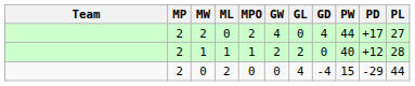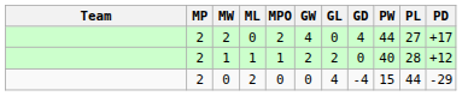 <table class=wikitable style="text-align:center">
 <tr>
 <th width=175>Team</th>
 <th width=20>MP</th>
 <th width=20>MW</th>
 <th width=20>ML</th>
 <th width=20>MPO</th>
 <th width=20>GW</th>
 <th width=20>GL</th>
 <th width=20>GD</th>
 <th width=20>PW</th>
+<th width=20>PL</th>
 <th width=20>PD</th>
-<th width=20>PL</th>
 </tr>
 <tr bgcolor="#ccffcc">
 <td align=left><strong><br></strong></td>
 <td>2</td>
 <td>2</td>
 <td>0</td>
 <td>2</td>
 <td>4</td>
 <td>0</td>
 <td>4</td>
 <td>44</td>
+<td>27</td>
 <td>+17</td>
-<td>27</td>
 </tr>
 <tr bgcolor="#ccffcc">
 <td align=left><strong><br></strong></td>
 <td>2</td>
 <td>1</td>
 <td>1</td>
 <td>1</td>
 <td>2</td>
 <td>2</td>
 <td>0</td>
 <td>40</td>
+<td>28</td>
 <td>+12</td>
-<td>28</td>
 </tr>
 <tr>
 <td align=left><br></td>
 <td>2</td>
 <td>0</td>
 <td>2</td>
 <td>0</td>
 <td>0</td>
 <td>4</td>
 <td>-4</td>
 <td>15</td>
+<td>44</td>
 <td>-29</td>
-<td>44</td>
 </tr>
 </table>
